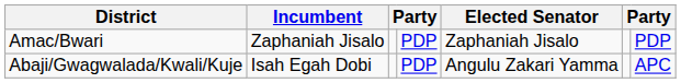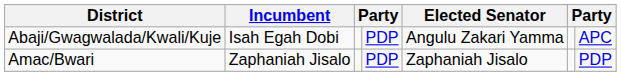 <table class="sortable wikitable" style="font-size:95%;line-height:14px;">
 <tr>
 <th class="unsortable">District</th>
 <th class="unsortable"><a href='#'>Incumbent</a></th>
 <th colspan="2">Party</th>
 <th class="unsortable">Elected Senator</th>
 <th colspan="2">Party</th>
+</tr>
+<tr>
+<td>Abaji/Gwagwalada/Kwali/Kuje</td>
+<td>Isah Egah Dobi</td>
+<td style="background:"></td>
+<td><a href='#'>PDP</a></td>
+<td>Angulu Zakari Yamma</td>
+<td style="background:"></td>
+<td><a href='#'>APC</a></td>
 </tr>
 <tr>
 <td>Amac/Bwari</td>
 <td>Zaphaniah Jisalo</td>
 <td style="background:"></td>
 <td><a href='#'>PDP</a></td>
 <td>Zaphaniah Jisalo</td>
 <td style="background:"></td>
 <td><a href='#'>PDP</a></td>
 </tr>
-<tr>
-<td>Abaji/Gwagwalada/Kwali/Kuje</td>
-<td>Isah Egah Dobi</td>
-<td style="background:"></td>
-<td><a href='#'>PDP</a></td>
-<td>Angulu Zakari Yamma</td>
-<td style="background:"></td>
-<td><a href='#'>APC</a></td>
-</tr>
 </table>
